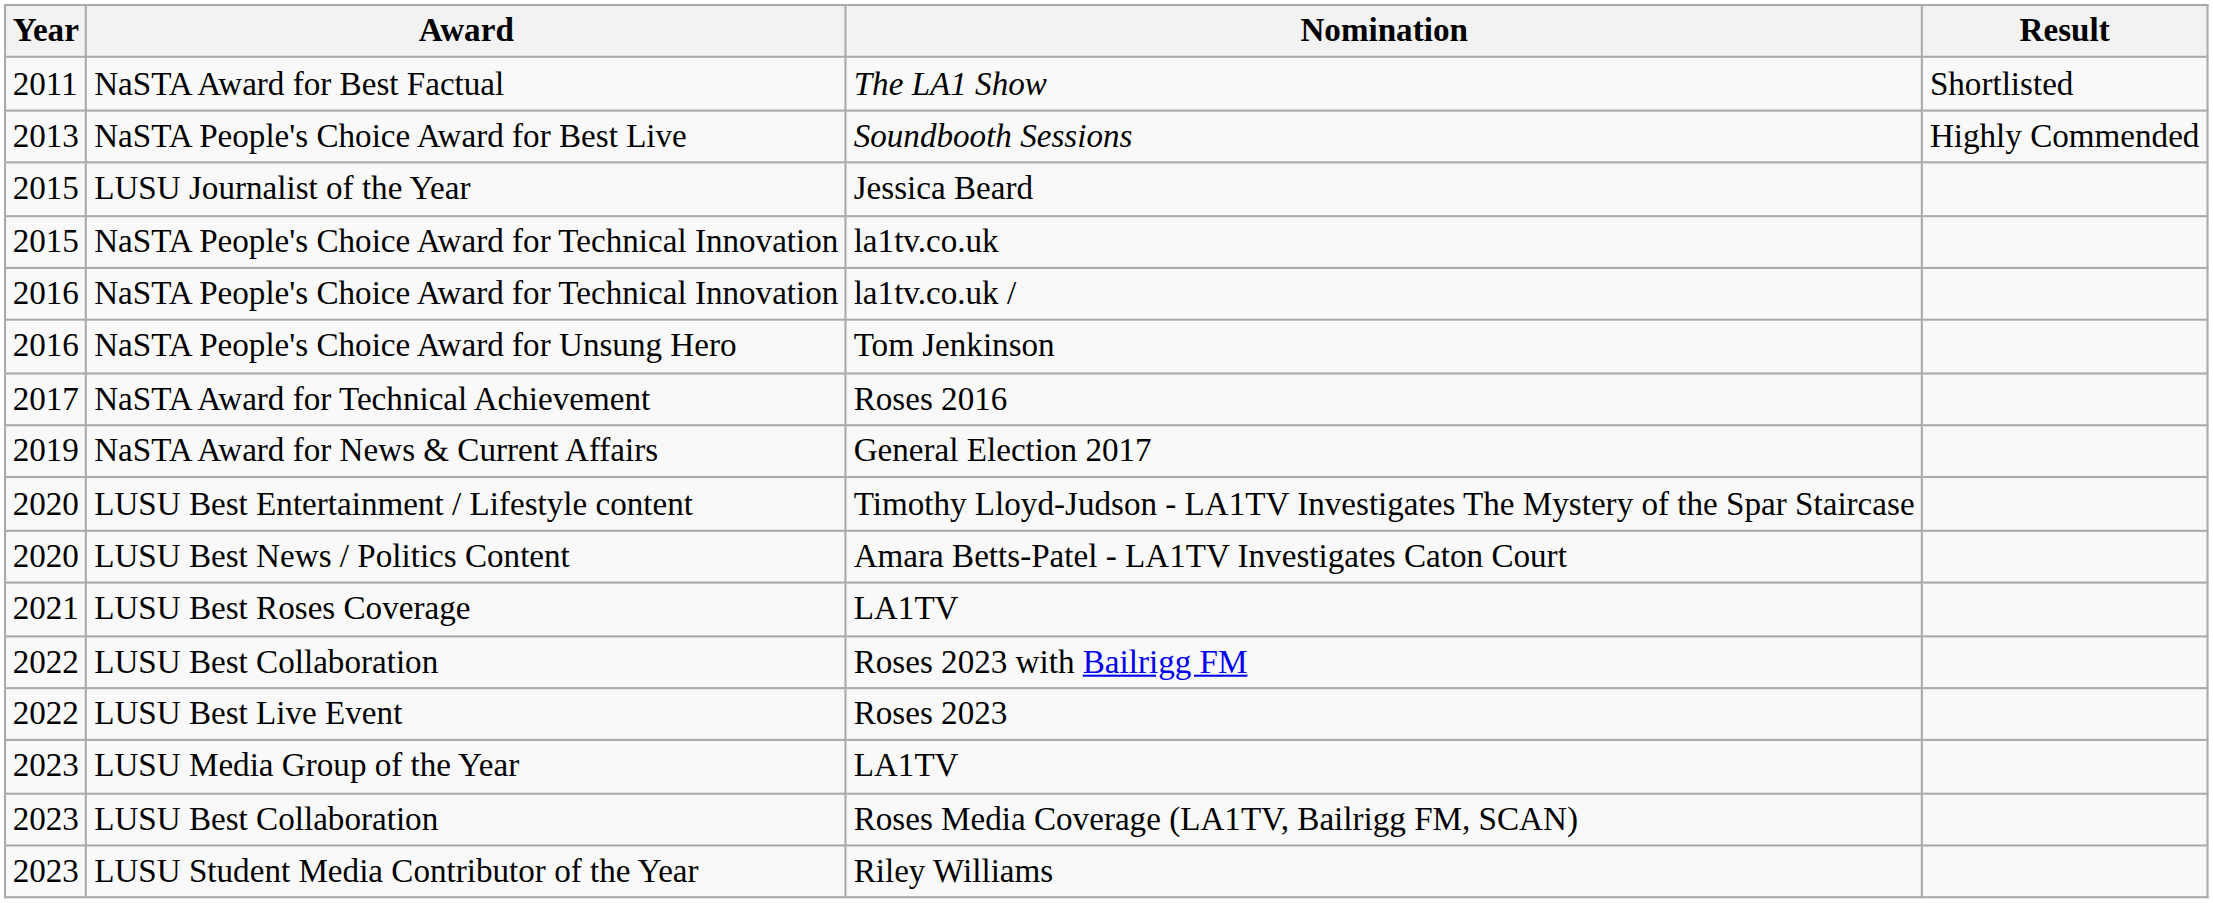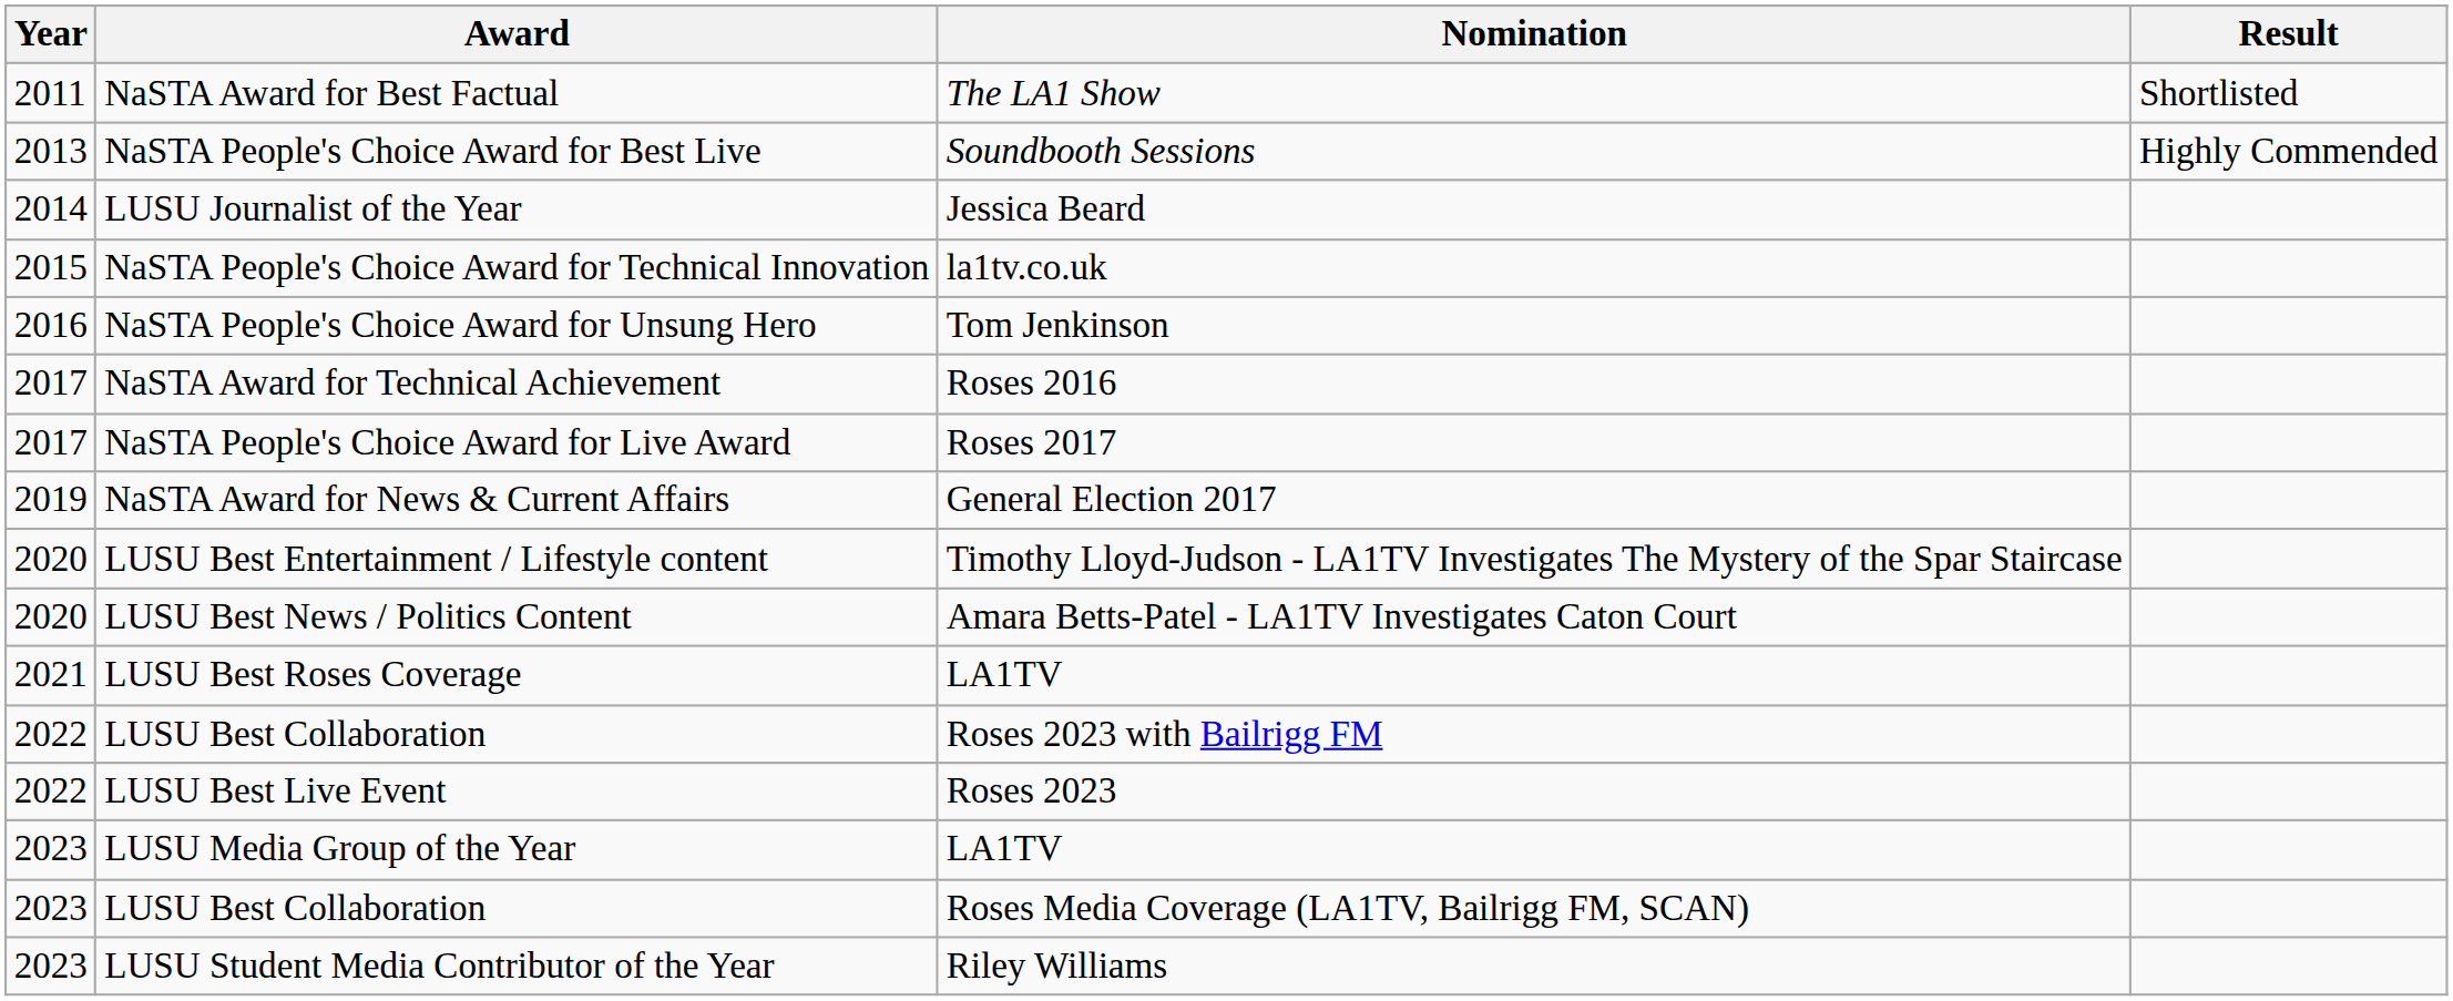 <table class="wikitable" style="font-align: center">
 <tr>
 <th>Year</th>
 <th>Award</th>
 <th>Nomination</th>
 <th>Result</th>
 </tr>
 <tr>
 <td>2011</td>
 <td>NaSTA Award for Best Factual</td>
 <td><em>The LA1 Show</em></td>
 <td>Shortlisted</td>
 </tr>
 <tr>
 <td>2013</td>
 <td>NaSTA People's Choice Award for Best Live</td>
 <td><em>Soundbooth Sessions</em></td>
 <td>Highly Commended</td>
 </tr>
 <tr>
-<td>2015</td>
+<td>2014</td>
 <td>LUSU Journalist of the Year</td>
 <td>Jessica Beard</td>
 <td></td>
 </tr>
 <tr>
 <td>2015</td>
 <td>NaSTA People's Choice Award for Technical Innovation</td>
 <td>la1tv.co.uk</td>
 <td></td>
 </tr>
 <tr>
 <td>2016</td>
-<td>NaSTA People's Choice Award for Technical Innovation</td>
-<td>la1tv.co.uk / </td>
-<td></td>
-</tr>
-<tr>
-<td>2016</td>
 <td>NaSTA People's Choice Award for Unsung Hero</td>
 <td>Tom Jenkinson</td>
 <td></td>
 </tr>
 <tr>
 <td>2017</td>
 <td>NaSTA Award for Technical Achievement</td>
 <td>Roses 2016</td>
+<td></td>
+</tr>
+<tr>
+<td>2017</td>
+<td>NaSTA People's Choice Award for Live Award</td>
+<td>Roses 2017</td>
 <td></td>
 </tr>
 <tr>
 <td>2019</td>
 <td>NaSTA Award for News & Current Affairs</td>
 <td>General Election 2017</td>
 <td></td>
 </tr>
 <tr>
 <td>2020</td>
 <td>LUSU Best Entertainment / Lifestyle content</td>
 <td>Timothy Lloyd-Judson - LA1TV Investigates The Mystery of the Spar Staircase</td>
 <td></td>
 </tr>
 <tr>
 <td>2020</td>
 <td>LUSU Best News / Politics Content</td>
 <td>Amara Betts-Patel - LA1TV Investigates Caton Court</td>
 <td></td>
 </tr>
 <tr>
 <td>2021</td>
 <td>LUSU Best Roses Coverage</td>
 <td>LA1TV</td>
 <td></td>
 </tr>
 <tr>
 <td>2022</td>
 <td>LUSU Best Collaboration</td>
 <td>Roses 2023 with <a href='#'>Bailrigg FM</a></td>
 <td></td>
 </tr>
 <tr>
 <td>2022</td>
 <td>LUSU Best Live Event</td>
 <td>Roses 2023</td>
 <td></td>
 </tr>
 <tr>
 <td>2023</td>
 <td>LUSU Media Group of the Year</td>
 <td>LA1TV</td>
 <td></td>
 </tr>
 <tr>
 <td>2023</td>
 <td>LUSU Best Collaboration</td>
 <td>Roses Media Coverage (LA1TV, Bailrigg FM, SCAN)</td>
 <td></td>
 </tr>
 <tr>
 <td>2023</td>
 <td>LUSU Student Media Contributor of the Year</td>
 <td>Riley Williams</td>
 <td></td>
 </tr>
 </table>
